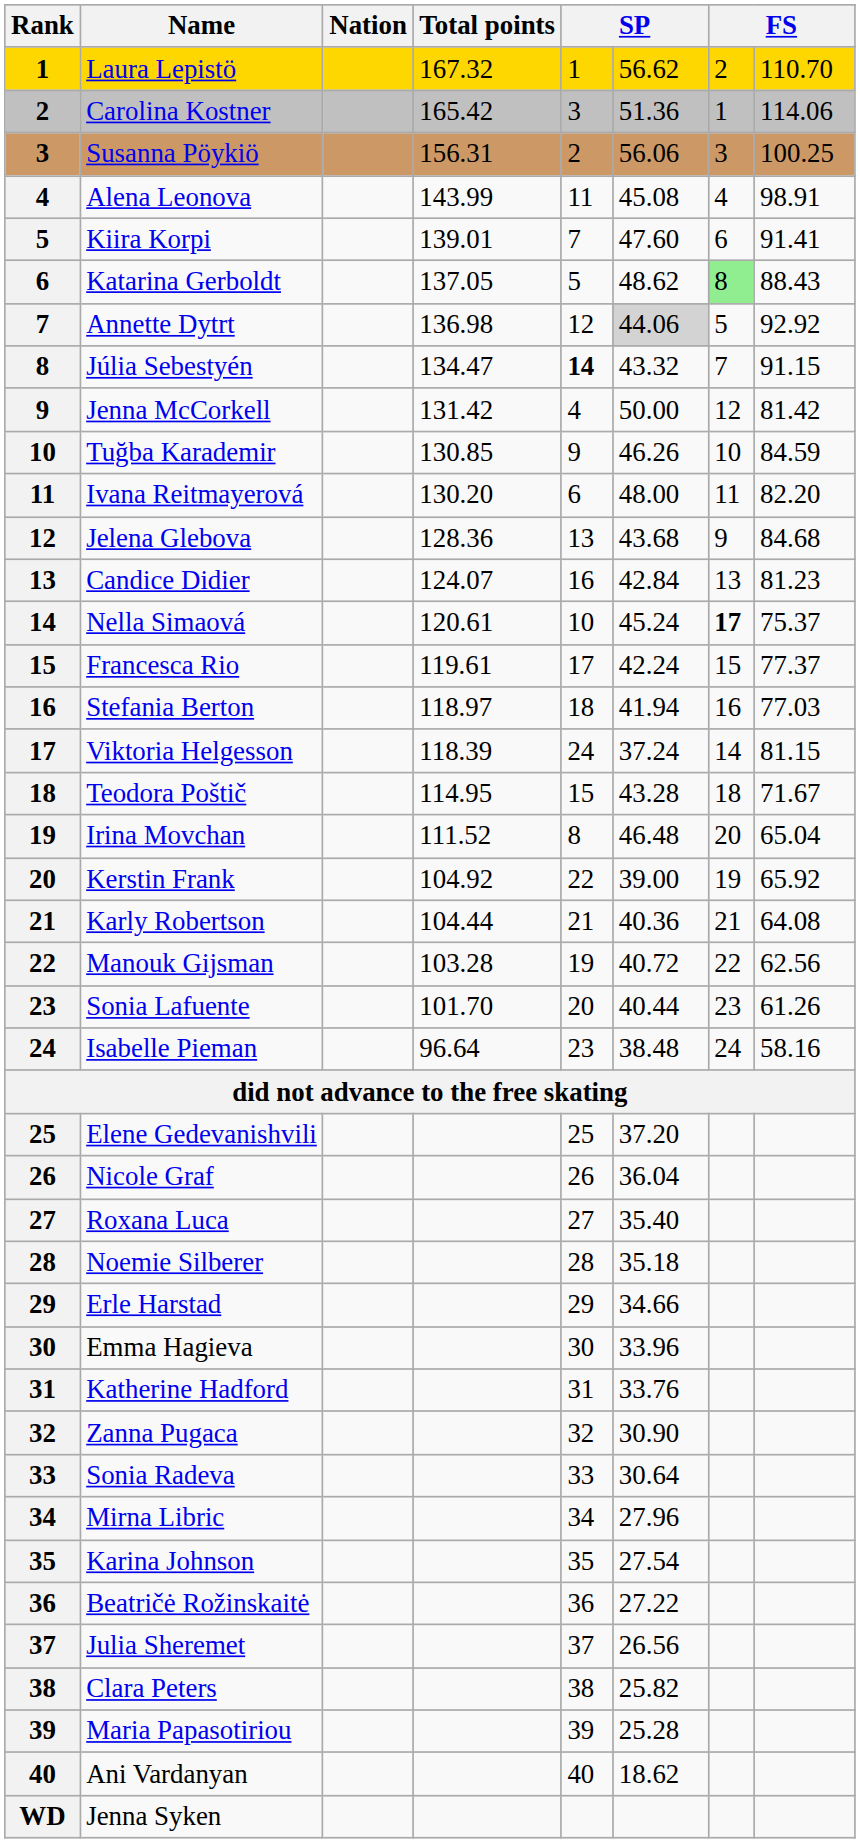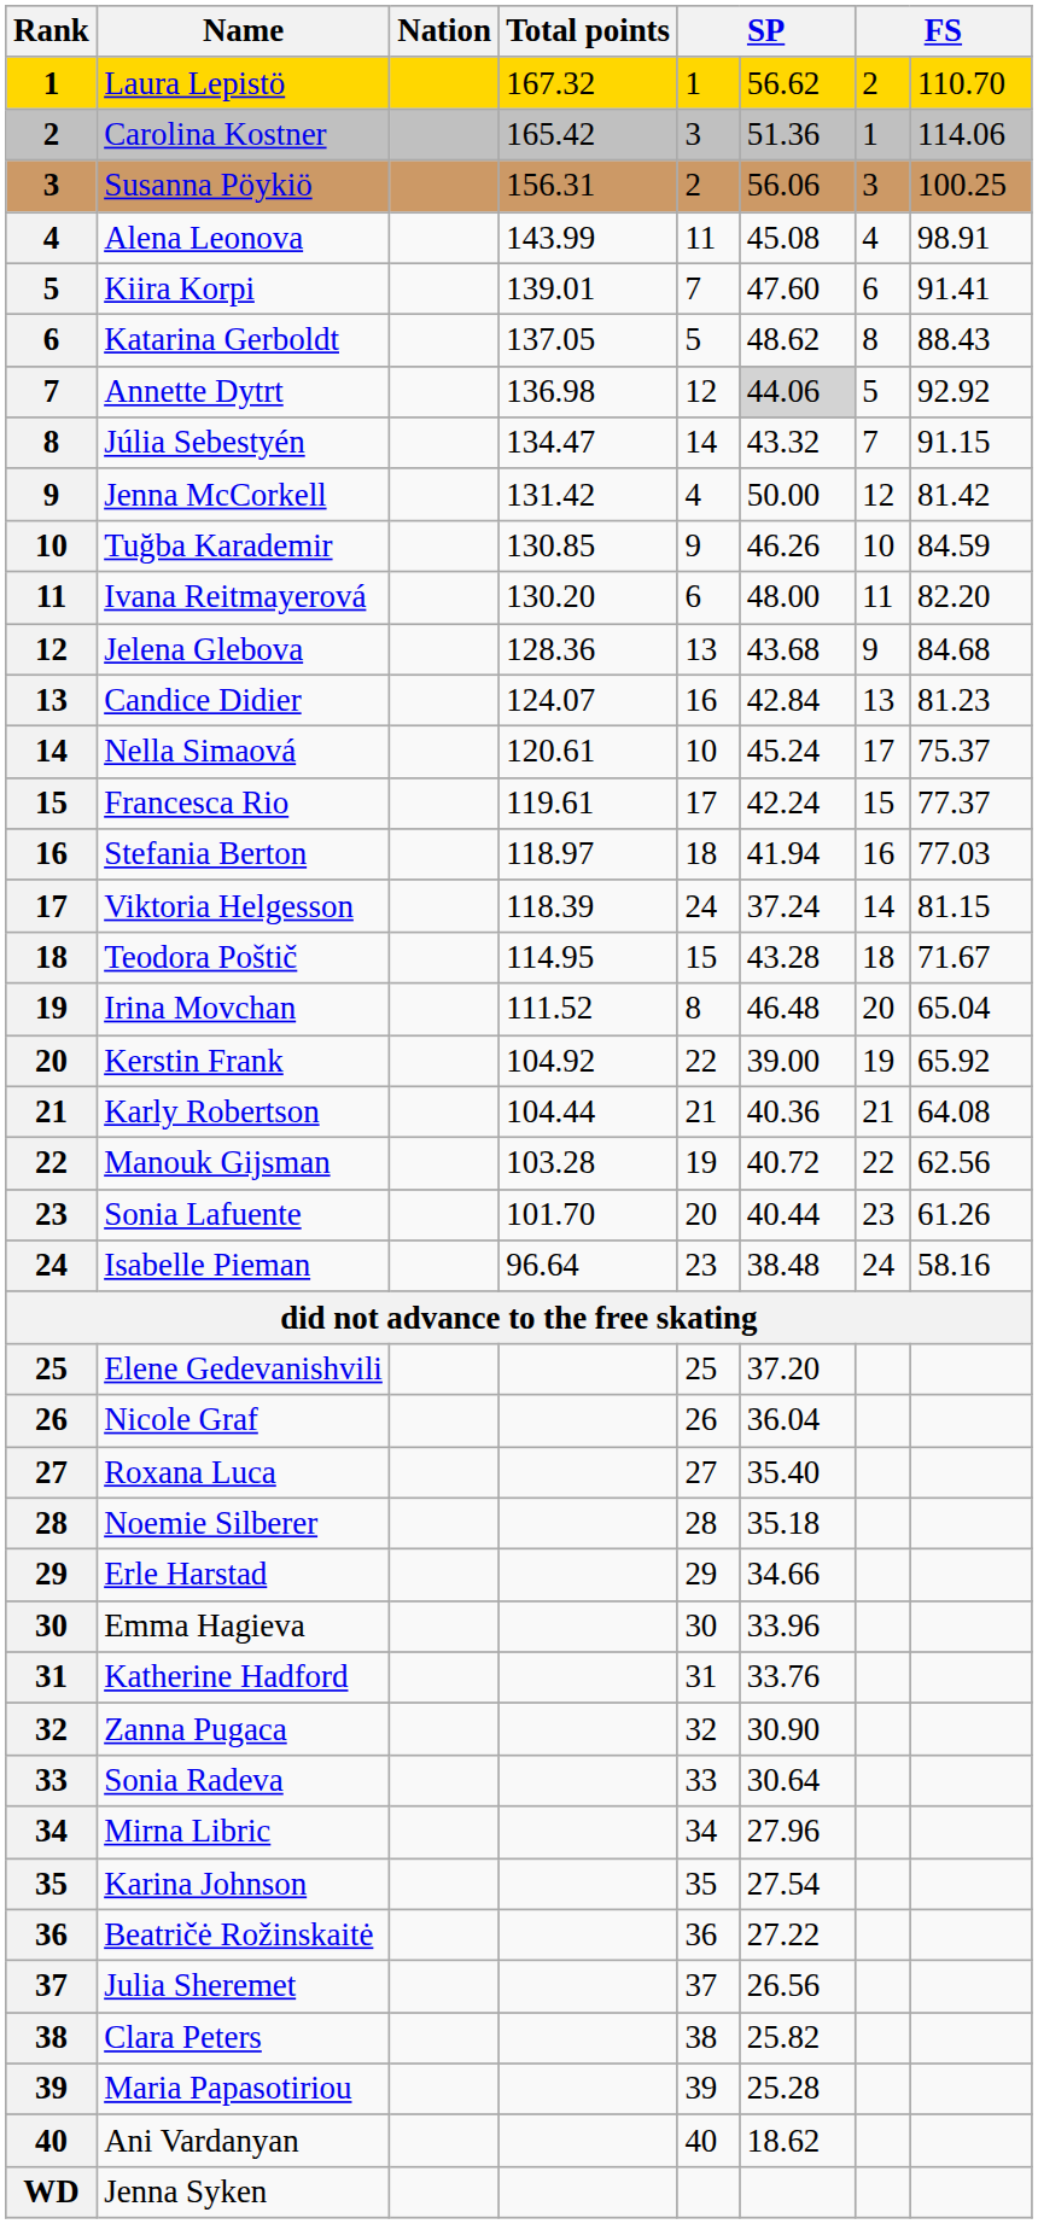 <table class="wikitable">
 <tr>
 <th>Rank</th>
 <th>Name</th>
 <th>Nation</th>
 <th>Total points</th>
 <th colspan="2" width="80px"><a href='#'>SP</a></th>
 <th colspan="2" width="80px"><a href='#'>FS</a></th>
 </tr>
 <tr bgcolor="gold">
 <td align="center"><strong>1</strong></td>
 <td><a href='#'>Laura Lepistö</a></td>
 <td></td>
 <td>167.32</td>
 <td>1</td>
 <td>56.62</td>
 <td>2</td>
 <td>110.70</td>
 </tr>
 <tr bgcolor="silver">
 <td align="center"><strong>2</strong></td>
 <td><a href='#'>Carolina Kostner</a></td>
 <td></td>
 <td>165.42</td>
 <td>3</td>
 <td>51.36</td>
 <td>1</td>
 <td>114.06</td>
 </tr>
 <tr bgcolor="cc9966">
 <td align="center"><strong>3</strong></td>
 <td><a href='#'>Susanna Pöykiö</a></td>
 <td></td>
 <td>156.31</td>
 <td>2</td>
 <td>56.06</td>
 <td>3</td>
 <td>100.25</td>
 </tr>
 <tr>
 <th>4</th>
 <td><a href='#'>Alena Leonova</a></td>
 <td></td>
 <td>143.99</td>
 <td>11</td>
 <td>45.08</td>
 <td>4</td>
 <td>98.91</td>
 </tr>
 <tr>
 <th>5</th>
 <td><a href='#'>Kiira Korpi</a></td>
 <td></td>
 <td>139.01</td>
 <td>7</td>
 <td>47.60</td>
 <td>6</td>
 <td>91.41</td>
 </tr>
 <tr>
 <th>6</th>
 <td><a href='#'>Katarina Gerboldt</a></td>
 <td></td>
 <td>137.05</td>
 <td>5</td>
 <td>48.62</td>
-<td style="background: lightgreen;">8</td>
+<td>8</td>
 <td>88.43</td>
 </tr>
 <tr>
 <th>7</th>
 <td><a href='#'>Annette Dytrt</a></td>
 <td></td>
 <td>136.98</td>
 <td>12</td>
 <td style="background: lightgrey;">44.06</td>
 <td>5</td>
 <td>92.92</td>
 </tr>
 <tr>
 <th>8</th>
 <td><a href='#'>Júlia Sebestyén</a></td>
 <td></td>
 <td>134.47</td>
-<td><strong>14</strong></td>
+<td>14</td>
 <td>43.32</td>
 <td>7</td>
 <td>91.15</td>
 </tr>
 <tr>
 <th>9</th>
 <td><a href='#'>Jenna McCorkell</a></td>
 <td></td>
 <td>131.42</td>
 <td>4</td>
 <td>50.00</td>
 <td>12</td>
 <td>81.42</td>
 </tr>
 <tr>
 <th>10</th>
 <td><a href='#'>Tuğba Karademir</a></td>
 <td></td>
 <td>130.85</td>
 <td>9</td>
 <td>46.26</td>
 <td>10</td>
 <td>84.59</td>
 </tr>
 <tr>
 <th>11</th>
 <td><a href='#'>Ivana Reitmayerová</a></td>
 <td></td>
 <td>130.20</td>
 <td>6</td>
 <td>48.00</td>
 <td>11</td>
 <td>82.20</td>
 </tr>
 <tr>
 <th>12</th>
 <td><a href='#'>Jelena Glebova</a></td>
 <td></td>
 <td>128.36</td>
 <td>13</td>
 <td>43.68</td>
 <td>9</td>
 <td>84.68</td>
 </tr>
 <tr>
 <th>13</th>
 <td><a href='#'>Candice Didier</a></td>
 <td></td>
 <td>124.07</td>
 <td>16</td>
 <td>42.84</td>
 <td>13</td>
 <td>81.23</td>
 </tr>
 <tr>
 <th>14</th>
 <td><a href='#'>Nella Simaová</a></td>
 <td></td>
 <td>120.61</td>
 <td>10</td>
 <td>45.24</td>
-<td><strong>17</strong></td>
+<td>17</td>
 <td>75.37</td>
 </tr>
 <tr>
 <th>15</th>
 <td><a href='#'>Francesca Rio</a></td>
 <td></td>
 <td>119.61</td>
 <td>17</td>
 <td>42.24</td>
 <td>15</td>
 <td>77.37</td>
 </tr>
 <tr>
 <th>16</th>
 <td><a href='#'>Stefania Berton</a></td>
 <td></td>
 <td>118.97</td>
 <td>18</td>
 <td>41.94</td>
 <td>16</td>
 <td>77.03</td>
 </tr>
 <tr>
 <th>17</th>
 <td><a href='#'>Viktoria Helgesson</a></td>
 <td></td>
 <td>118.39</td>
 <td>24</td>
 <td>37.24</td>
 <td>14</td>
 <td>81.15</td>
 </tr>
 <tr>
 <th>18</th>
 <td><a href='#'>Teodora Poštič</a></td>
 <td></td>
 <td>114.95</td>
 <td>15</td>
 <td>43.28</td>
 <td>18</td>
 <td>71.67</td>
 </tr>
 <tr>
 <th>19</th>
 <td><a href='#'>Irina Movchan</a></td>
 <td></td>
 <td>111.52</td>
 <td>8</td>
 <td>46.48</td>
 <td>20</td>
 <td>65.04</td>
 </tr>
 <tr>
 <th>20</th>
 <td><a href='#'>Kerstin Frank</a></td>
 <td></td>
 <td>104.92</td>
 <td>22</td>
 <td>39.00</td>
 <td>19</td>
 <td>65.92</td>
 </tr>
 <tr>
 <th>21</th>
 <td><a href='#'>Karly Robertson</a></td>
 <td></td>
 <td>104.44</td>
 <td>21</td>
 <td>40.36</td>
 <td>21</td>
 <td>64.08</td>
 </tr>
 <tr>
 <th>22</th>
 <td><a href='#'>Manouk Gijsman</a></td>
 <td></td>
 <td>103.28</td>
 <td>19</td>
 <td>40.72</td>
 <td>22</td>
 <td>62.56</td>
 </tr>
 <tr>
 <th>23</th>
 <td><a href='#'>Sonia Lafuente</a></td>
 <td></td>
 <td>101.70</td>
 <td>20</td>
 <td>40.44</td>
 <td>23</td>
 <td>61.26</td>
 </tr>
 <tr>
 <th>24</th>
 <td><a href='#'>Isabelle Pieman</a></td>
 <td></td>
 <td>96.64</td>
 <td>23</td>
 <td>38.48</td>
 <td>24</td>
 <td>58.16</td>
 </tr>
 <tr>
 <th colspan=8>did not advance to the free skating</th>
 </tr>
 <tr>
 <th>25</th>
 <td><a href='#'>Elene Gedevanishvili</a></td>
 <td></td>
 <td></td>
 <td>25</td>
 <td>37.20</td>
 <td></td>
 <td></td>
 </tr>
 <tr>
 <th>26</th>
 <td><a href='#'>Nicole Graf</a></td>
 <td></td>
 <td></td>
 <td>26</td>
 <td>36.04</td>
 <td></td>
 <td></td>
 </tr>
 <tr>
 <th>27</th>
 <td><a href='#'>Roxana Luca</a></td>
 <td></td>
 <td></td>
 <td>27</td>
 <td>35.40</td>
 <td></td>
 <td></td>
 </tr>
 <tr>
 <th>28</th>
 <td><a href='#'>Noemie Silberer</a></td>
 <td></td>
 <td></td>
 <td>28</td>
 <td>35.18</td>
 <td></td>
 <td></td>
 </tr>
 <tr>
 <th>29</th>
 <td><a href='#'>Erle Harstad</a></td>
 <td></td>
 <td></td>
 <td>29</td>
 <td>34.66</td>
 <td></td>
 <td></td>
 </tr>
 <tr>
 <th>30</th>
 <td>Emma Hagieva</td>
 <td></td>
 <td></td>
 <td>30</td>
 <td>33.96</td>
 <td></td>
 <td></td>
 </tr>
 <tr>
 <th>31</th>
 <td><a href='#'>Katherine Hadford</a></td>
 <td></td>
 <td></td>
 <td>31</td>
 <td>33.76</td>
 <td></td>
 <td></td>
 </tr>
 <tr>
 <th>32</th>
 <td><a href='#'>Zanna Pugaca</a></td>
 <td></td>
 <td></td>
 <td>32</td>
 <td>30.90</td>
 <td></td>
 <td></td>
 </tr>
 <tr>
 <th>33</th>
 <td><a href='#'>Sonia Radeva</a></td>
 <td></td>
 <td></td>
 <td>33</td>
 <td>30.64</td>
 <td></td>
 <td></td>
 </tr>
 <tr>
 <th>34</th>
 <td><a href='#'>Mirna Libric</a></td>
 <td></td>
 <td></td>
 <td>34</td>
 <td>27.96</td>
 <td></td>
 <td></td>
 </tr>
 <tr>
 <th>35</th>
 <td><a href='#'>Karina Johnson</a></td>
 <td></td>
 <td></td>
 <td>35</td>
 <td>27.54</td>
 <td></td>
 <td></td>
 </tr>
 <tr>
 <th>36</th>
 <td><a href='#'>Beatričė Rožinskaitė</a></td>
 <td></td>
 <td></td>
 <td>36</td>
 <td>27.22</td>
 <td></td>
 <td></td>
 </tr>
 <tr>
 <th>37</th>
 <td><a href='#'>Julia Sheremet</a></td>
 <td></td>
 <td></td>
 <td>37</td>
 <td>26.56</td>
 <td></td>
 <td></td>
 </tr>
 <tr>
 <th>38</th>
 <td><a href='#'>Clara Peters</a></td>
 <td></td>
 <td></td>
 <td>38</td>
 <td>25.82</td>
 <td></td>
 <td></td>
 </tr>
 <tr>
 <th>39</th>
 <td><a href='#'>Maria Papasotiriou</a></td>
 <td></td>
 <td></td>
 <td>39</td>
 <td>25.28</td>
 <td></td>
 <td></td>
 </tr>
 <tr>
 <th>40</th>
 <td>Ani Vardanyan</td>
 <td></td>
 <td></td>
 <td>40</td>
 <td>18.62</td>
 <td></td>
 <td></td>
 </tr>
 <tr>
 <th>WD</th>
 <td>Jenna Syken</td>
 <td></td>
 <td></td>
 <td></td>
 <td></td>
 <td></td>
 <td></td>
 </tr>
 </table>
